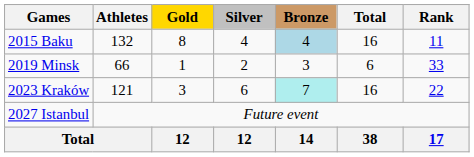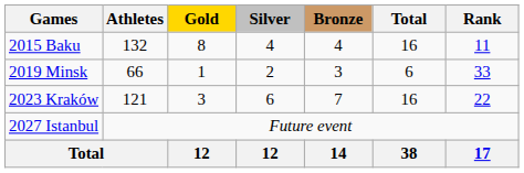 <table class="wikitable" style="text-align:center; font-size:90%;">
 <tr>
 <th>Games</th>
 <th>Athletes</th>
 <td style="background:gold; width:3.7em; font-weight:bold;">Gold</td>
 <td style="background:silver; width:3.7em; font-weight:bold;">Silver</td>
 <td style="background:#cc9966; width:3.7em; font-weight:bold;">Bronze</td>
 <th style="width:4em; font-weight:bold;">Total</th>
 <th style="width:4em; font-weight:bold;">Rank</th>
 </tr>
 <tr>
 <td align=left> <a href='#'>2015 Baku</a></td>
 <td>132</td>
 <td>8</td>
 <td>4</td>
-<td style="background: lightblue;">4</td>
+<td>4</td>
 <td>16</td>
 <td><a href='#'>11</a></td>
 </tr>
 <tr>
 <td align=left> <a href='#'>2019 Minsk</a></td>
 <td>66</td>
 <td>1</td>
 <td>2</td>
 <td>3</td>
 <td>6</td>
 <td><a href='#'>33</a></td>
 </tr>
 <tr>
 <td align=left> <a href='#'>2023 Kraków</a></td>
 <td>121</td>
 <td>3</td>
 <td>6</td>
-<td style="background: paleturquoise;">7</td>
+<td>7</td>
 <td>16</td>
 <td><a href='#'>22</a></td>
 </tr>
 <tr>
 <td align=left> <a href='#'>2027 Istanbul</a></td>
 <td colspan=6><em>Future event</em></td>
 </tr>
 <tr>
 <th colspan=2>Total</th>
 <th>12</th>
 <th>12</th>
 <th>14</th>
 <th>38</th>
 <th><a href='#'>17</a></th>
 </tr>
 </table>
